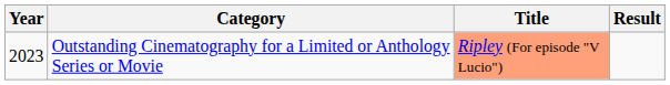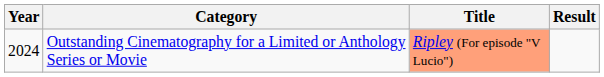 <table class="wikitable">
 <tr>
 <th>Year</th>
 <th>Category</th>
 <th>Title</th>
 <th>Result</th>
 </tr>
 <tr>
-<td>2023</td>
+<td>2024</td>
 <td><a href='#'>Outstanding Cinematography for a Limited or Anthology Series or Movie</a></td>
 <td style="background: lightsalmon;"><em><a href='#'>Ripley</a></em> <small>(For episode "V Lucio")</small></td>
 <td></td>
 </tr>
 </table>
